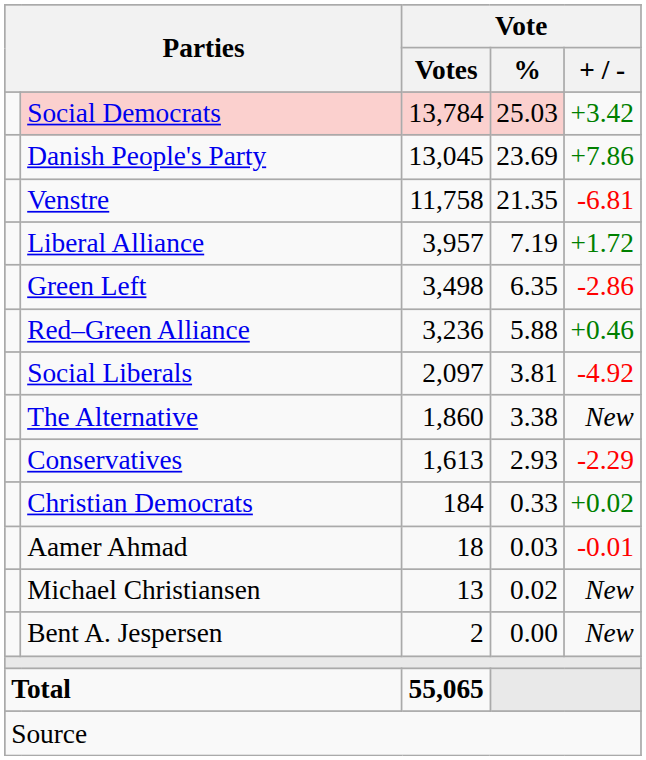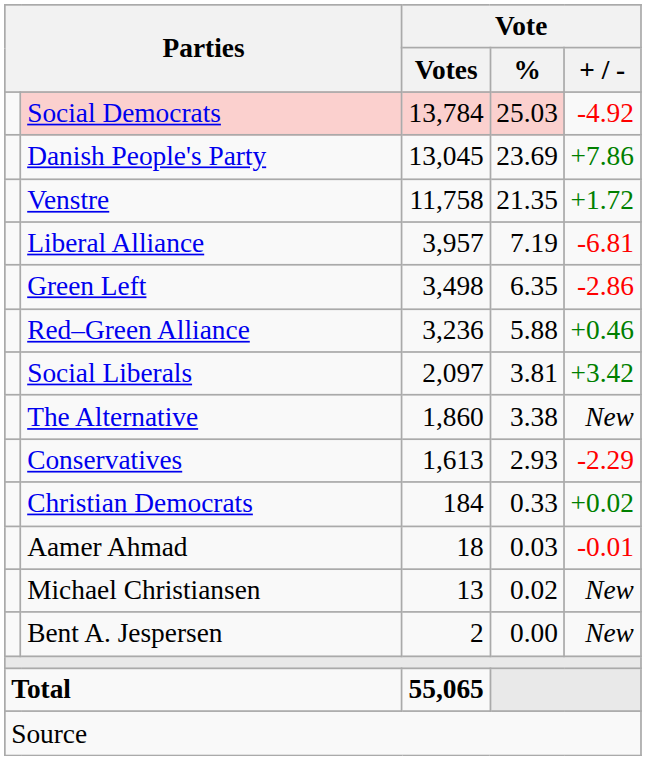 <table class="wikitable" style="text-align:right;">
 <tr>
 <th style="text-align:centre;" rowspan="2" colspan="2" width="225">Parties</th>
 <th colspan="3">Vote</th>
 </tr>
 <tr>
 <th width="15">Votes</th>
 <th width="15">%</th>
 <th width="15">+ / -</th>
 </tr>
 <tr>
 <td width="2" style="color:inherit;background:"></td>
 <td bgcolor=#fbd0ce  align="left"><a href='#'>Social Democrats</a></td>
 <td bgcolor=#fbd0ce>13,784</td>
 <td bgcolor=#fbd0ce>25.03</td>
-<td style=color:green;>+3.42</td>
+<td style=color:red;>-4.92</td>
 </tr>
 <tr>
 <td width="2" style="color:inherit;background:"></td>
 <td align="left"><a href='#'>Danish People's Party</a></td>
 <td>13,045</td>
 <td>23.69</td>
 <td style=color:green;>+7.86</td>
 </tr>
 <tr>
 <td width="2" style="color:inherit;background:"></td>
 <td align="left"><a href='#'>Venstre</a></td>
 <td>11,758</td>
 <td>21.35</td>
-<td style=color:red;>-6.81</td>
+<td style=color:green;>+1.72</td>
 </tr>
 <tr>
 <td width="2" style="color:inherit;background:"></td>
 <td align="left"><a href='#'>Liberal Alliance</a></td>
 <td>3,957</td>
 <td>7.19</td>
-<td style=color:green;>+1.72</td>
+<td style=color:red;>-6.81</td>
 </tr>
 <tr>
 <td width="2" style="color:inherit;background:"></td>
 <td align="left"><a href='#'>Green Left</a></td>
 <td>3,498</td>
 <td>6.35</td>
 <td style=color:red;>-2.86</td>
 </tr>
 <tr>
 <td width="2" style="color:inherit;background:"></td>
 <td align="left"><a href='#'>Red–Green Alliance</a></td>
 <td>3,236</td>
 <td>5.88</td>
 <td style=color:green;>+0.46</td>
 </tr>
 <tr>
 <td width="2" style="color:inherit;background:"></td>
 <td align="left"><a href='#'>Social Liberals</a></td>
 <td>2,097</td>
 <td>3.81</td>
-<td style=color:red;>-4.92</td>
+<td style=color:green;>+3.42</td>
 </tr>
 <tr>
 <td width="2" style="color:inherit;background:"></td>
 <td align="left"><a href='#'>The Alternative</a></td>
 <td>1,860</td>
 <td>3.38</td>
 <td><em>New</em></td>
 </tr>
 <tr>
 <td width="2" style="color:inherit;background:"></td>
 <td align="left"><a href='#'>Conservatives</a></td>
 <td>1,613</td>
 <td>2.93</td>
 <td style=color:red;>-2.29</td>
 </tr>
 <tr>
 <td width="2" style="color:inherit;background:"></td>
 <td align="left"><a href='#'>Christian Democrats</a></td>
 <td>184</td>
 <td>0.33</td>
 <td style=color:green;>+0.02</td>
 </tr>
 <tr>
 <td width="2" style="color:inherit;background:"></td>
 <td align="left">Aamer Ahmad</td>
 <td>18</td>
 <td>0.03</td>
 <td style=color:red;>-0.01</td>
 </tr>
 <tr>
 <td width="2" style="color:inherit;background:"></td>
 <td align="left">Michael Christiansen</td>
 <td>13</td>
 <td>0.02</td>
 <td><em>New</em></td>
 </tr>
 <tr>
 <td width="2" style="color:inherit;background:"></td>
 <td align="left">Bent A. Jespersen</td>
 <td>2</td>
 <td>0.00</td>
 <td><em>New</em></td>
 </tr>
 <tr>
 <td colspan="7" bgcolor="#E9E9E9"></td>
 </tr>
 <tr>
 <td align="left" colspan="2"><strong>Total</strong></td>
 <td><strong>55,065</strong></td>
 <td bgcolor="#E9E9E9" colspan="2"></td>
 </tr>
 <tr>
 <td align="left" colspan="6">Source</td>
 </tr>
 </table>
